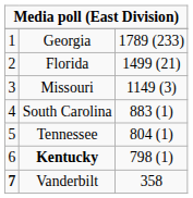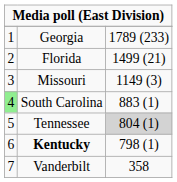 <table class="wikitable" style="display: inline-table;">
 <tr>
 <td align="center" Colspan="3"><strong>Media poll (East Division)</strong></td>
 </tr>
 <tr align="center">
 </tr>
 <tr align="center">
 <td>1</td>
 <td>Georgia</td>
 <td>1789 (233)</td>
 </tr>
 <tr align="center">
 <td>2</td>
 <td>Florida</td>
 <td>1499 (21)</td>
 </tr>
 <tr align="center">
 <td>3</td>
 <td>Missouri</td>
 <td>1149 (3)</td>
 </tr>
 <tr align="center">
-<td>4</td>
+<td style="background: lightgreen;">4</td>
 <td>South Carolina</td>
 <td>883 (1)</td>
 </tr>
 <tr align="center">
 <td>5</td>
 <td>Tennessee</td>
-<td>804 (1)</td>
+<td style="background: lightgrey;">804 (1)</td>
 </tr>
 <tr align="center">
 <td>6</td>
 <td><strong>Kentucky</strong></td>
 <td>798 (1)</td>
 </tr>
 <tr align="center">
-<td><strong>7</strong></td>
+<td>7</td>
 <td>Vanderbilt</td>
 <td>358</td>
 </tr>
 </table>
